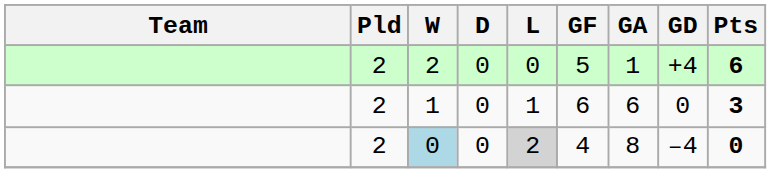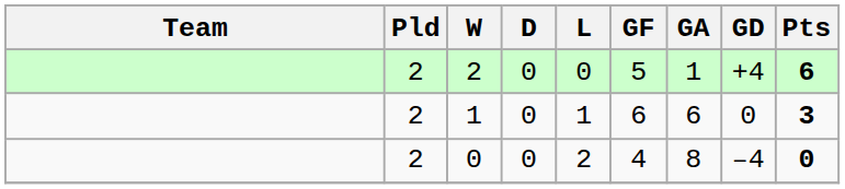 <table class="wikitable" style="text-align: center;">
 <tr>
 <th width="175">Team</th>
 <th width="20">Pld</th>
 <th width="20">W</th>
 <th width="20">D</th>
 <th width="20">L</th>
 <th width="20">GF</th>
 <th width="20">GA</th>
 <th width="20">GD</th>
 <th width="20">Pts<br></th>
 </tr>
 <tr align=center bgcolor="ccffcc">
 <td style="text-align:left;"></td>
 <td>2</td>
 <td>2</td>
 <td>0</td>
 <td>0</td>
 <td>5</td>
 <td>1</td>
 <td>+4</td>
 <td><strong>6</strong></td>
 </tr>
 <tr align=center>
 <td style="text-align:left;"></td>
 <td>2</td>
 <td>1</td>
 <td>0</td>
 <td>1</td>
 <td>6</td>
 <td>6</td>
 <td>0</td>
 <td><strong>3</strong></td>
 </tr>
 <tr align=center>
 <td style="text-align:left;"></td>
 <td>2</td>
-<td style="background: lightblue;">0</td>
 <td>0</td>
-<td style="background: lightgrey;">2</td>
+<td>0</td>
+<td>2</td>
 <td>4</td>
 <td>8</td>
 <td>–4</td>
 <td><strong>0</strong></td>
 </tr>
 <tr align=center>
 </tr>
 </table>
